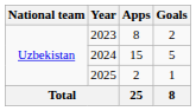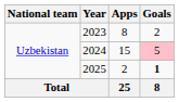 <table class="wikitable" style="text-align:center">
 <tr>
 <th>National team</th>
 <th>Year</th>
 <th>Apps</th>
 <th>Goals</th>
 </tr>
 <tr>
 <td rowspan="3"><a href='#'>Uzbekistan</a></td>
 <td>2023</td>
 <td>8</td>
 <td>2</td>
 </tr>
 <tr>
 <td>2024</td>
 <td>15</td>
-<td>5</td>
+<td style="background: pink;">5</td>
 </tr>
 <tr>
 <td>2025</td>
 <td>2</td>
-<td>1</td>
+<td><strong>1</strong></td>
 </tr>
 <tr>
 <th colspan=2>Total</th>
 <th>25</th>
 <th>8</th>
 </tr>
 </table>
